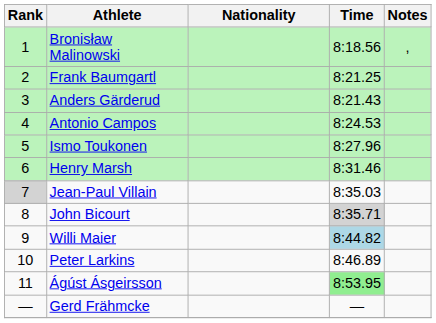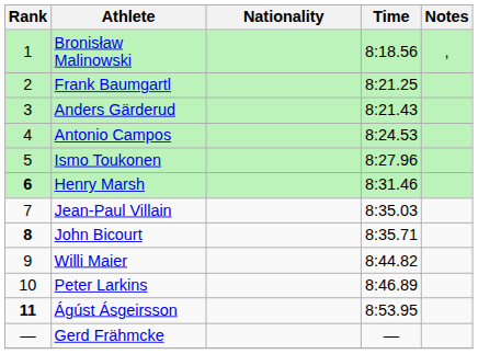 <table class="wikitable sortable" style="text-align:center">
 <tr>
 <th width=30>Rank</th>
 <th width=150>Athlete</th>
 <th width=150>Nationality</th>
 <th width=30>Time</th>
 <th width=30>Notes</th>
 </tr>
 <tr bgcolor=bbf3bb>
 <td>1</td>
 <td align="left"><a href='#'>Bronisław Malinowski</a></td>
 <td align="left"></td>
 <td>8:18.56</td>
 <td>, </td>
 </tr>
 <tr bgcolor=bbf3bb>
 <td>2</td>
 <td align="left"><a href='#'>Frank Baumgartl</a></td>
 <td align="left"></td>
 <td>8:21.25</td>
 <td></td>
 </tr>
 <tr bgcolor=bbf3bb>
 <td>3</td>
 <td align="left"><a href='#'>Anders Gärderud</a></td>
 <td align="left"></td>
 <td>8:21.43</td>
 <td></td>
 </tr>
 <tr bgcolor=bbf3bb>
 <td>4</td>
 <td align="left"><a href='#'>Antonio Campos</a></td>
 <td align="left"></td>
 <td>8:24.53</td>
 <td></td>
 </tr>
 <tr bgcolor=bbf3bb>
 <td>5</td>
 <td align="left"><a href='#'>Ismo Toukonen</a></td>
 <td align="left"></td>
 <td>8:27.96</td>
 <td></td>
 </tr>
 <tr bgcolor=bbf3bb>
-<td>6</td>
+<td><strong>6</strong></td>
 <td align="left"><a href='#'>Henry Marsh</a></td>
 <td align="left"></td>
 <td>8:31.46</td>
 <td></td>
 </tr>
 <tr>
-<td style="background: lightgrey;">7</td>
+<td>7</td>
 <td align="left"><a href='#'>Jean-Paul Villain</a></td>
 <td align="left"></td>
 <td>8:35.03</td>
 <td></td>
 </tr>
 <tr>
-<td>8</td>
+<td><strong>8</strong></td>
 <td align="left"><a href='#'>John Bicourt</a></td>
 <td align="left"></td>
-<td style="background: lightgrey;">8:35.71</td>
+<td>8:35.71</td>
 <td></td>
 </tr>
 <tr>
 <td>9</td>
 <td align="left"><a href='#'>Willi Maier</a></td>
 <td align="left"></td>
-<td style="background: lightblue;">8:44.82</td>
+<td>8:44.82</td>
 <td></td>
 </tr>
 <tr>
 <td>10</td>
 <td align="left"><a href='#'>Peter Larkins</a></td>
 <td align="left"></td>
 <td>8:46.89</td>
 <td></td>
 </tr>
 <tr>
-<td>11</td>
+<td><strong>11</strong></td>
 <td align="left"><a href='#'>Ágúst Ásgeirsson</a></td>
 <td align="left"></td>
-<td style="background: lightgreen;">8:53.95</td>
+<td>8:53.95</td>
 <td></td>
 </tr>
 <tr>
 <td>—</td>
 <td align="left"><a href='#'>Gerd Frähmcke</a></td>
 <td align="left"></td>
 <td>—</td>
 <td></td>
 </tr>
 <tr>
 </tr>
 </table>
